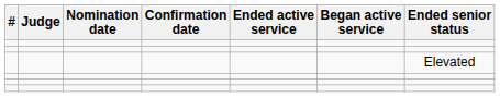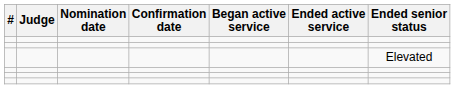 <table class="sortable wikitable">
 <tr bgcolor="#ececec">
 <th>#</th>
 <th>Judge</th>
 <th>Nomination<br>date</th>
 <th>Confirmation<br>date</th>
+<th>Began active<br>service</th>
 <th>Ended active<br>service</th>
-<th>Began active<br>service</th>
 <th>Ended senior<br>status</th>
 </tr>
 <tr>
 <td></td>
 <td></td>
 <td></td>
 <td></td>
 <td></td>
 <td></td>
 <td></td>
 </tr>
 <tr>
 <td></td>
 <td></td>
 <td></td>
 <td></td>
 <td></td>
 <td></td>
 <td align="center"></td>
 </tr>
 <tr>
 <td></td>
 <td></td>
 <td></td>
 <td></td>
 <td></td>
 <td></td>
 <td align="center">Elevated</td>
 </tr>
 <tr>
 <td></td>
 <td></td>
 <td></td>
 <td></td>
 <td></td>
 <td></td>
 <td align="center"></td>
 </tr>
 <tr>
 <td></td>
 <td></td>
 <td></td>
 <td></td>
 <td></td>
 <td></td>
 <td align="center"></td>
 </tr>
 <tr>
 <td></td>
 <td></td>
 <td></td>
 <td></td>
 <td></td>
 <td></td>
 <td align="center"></td>
 </tr>
 </table>
